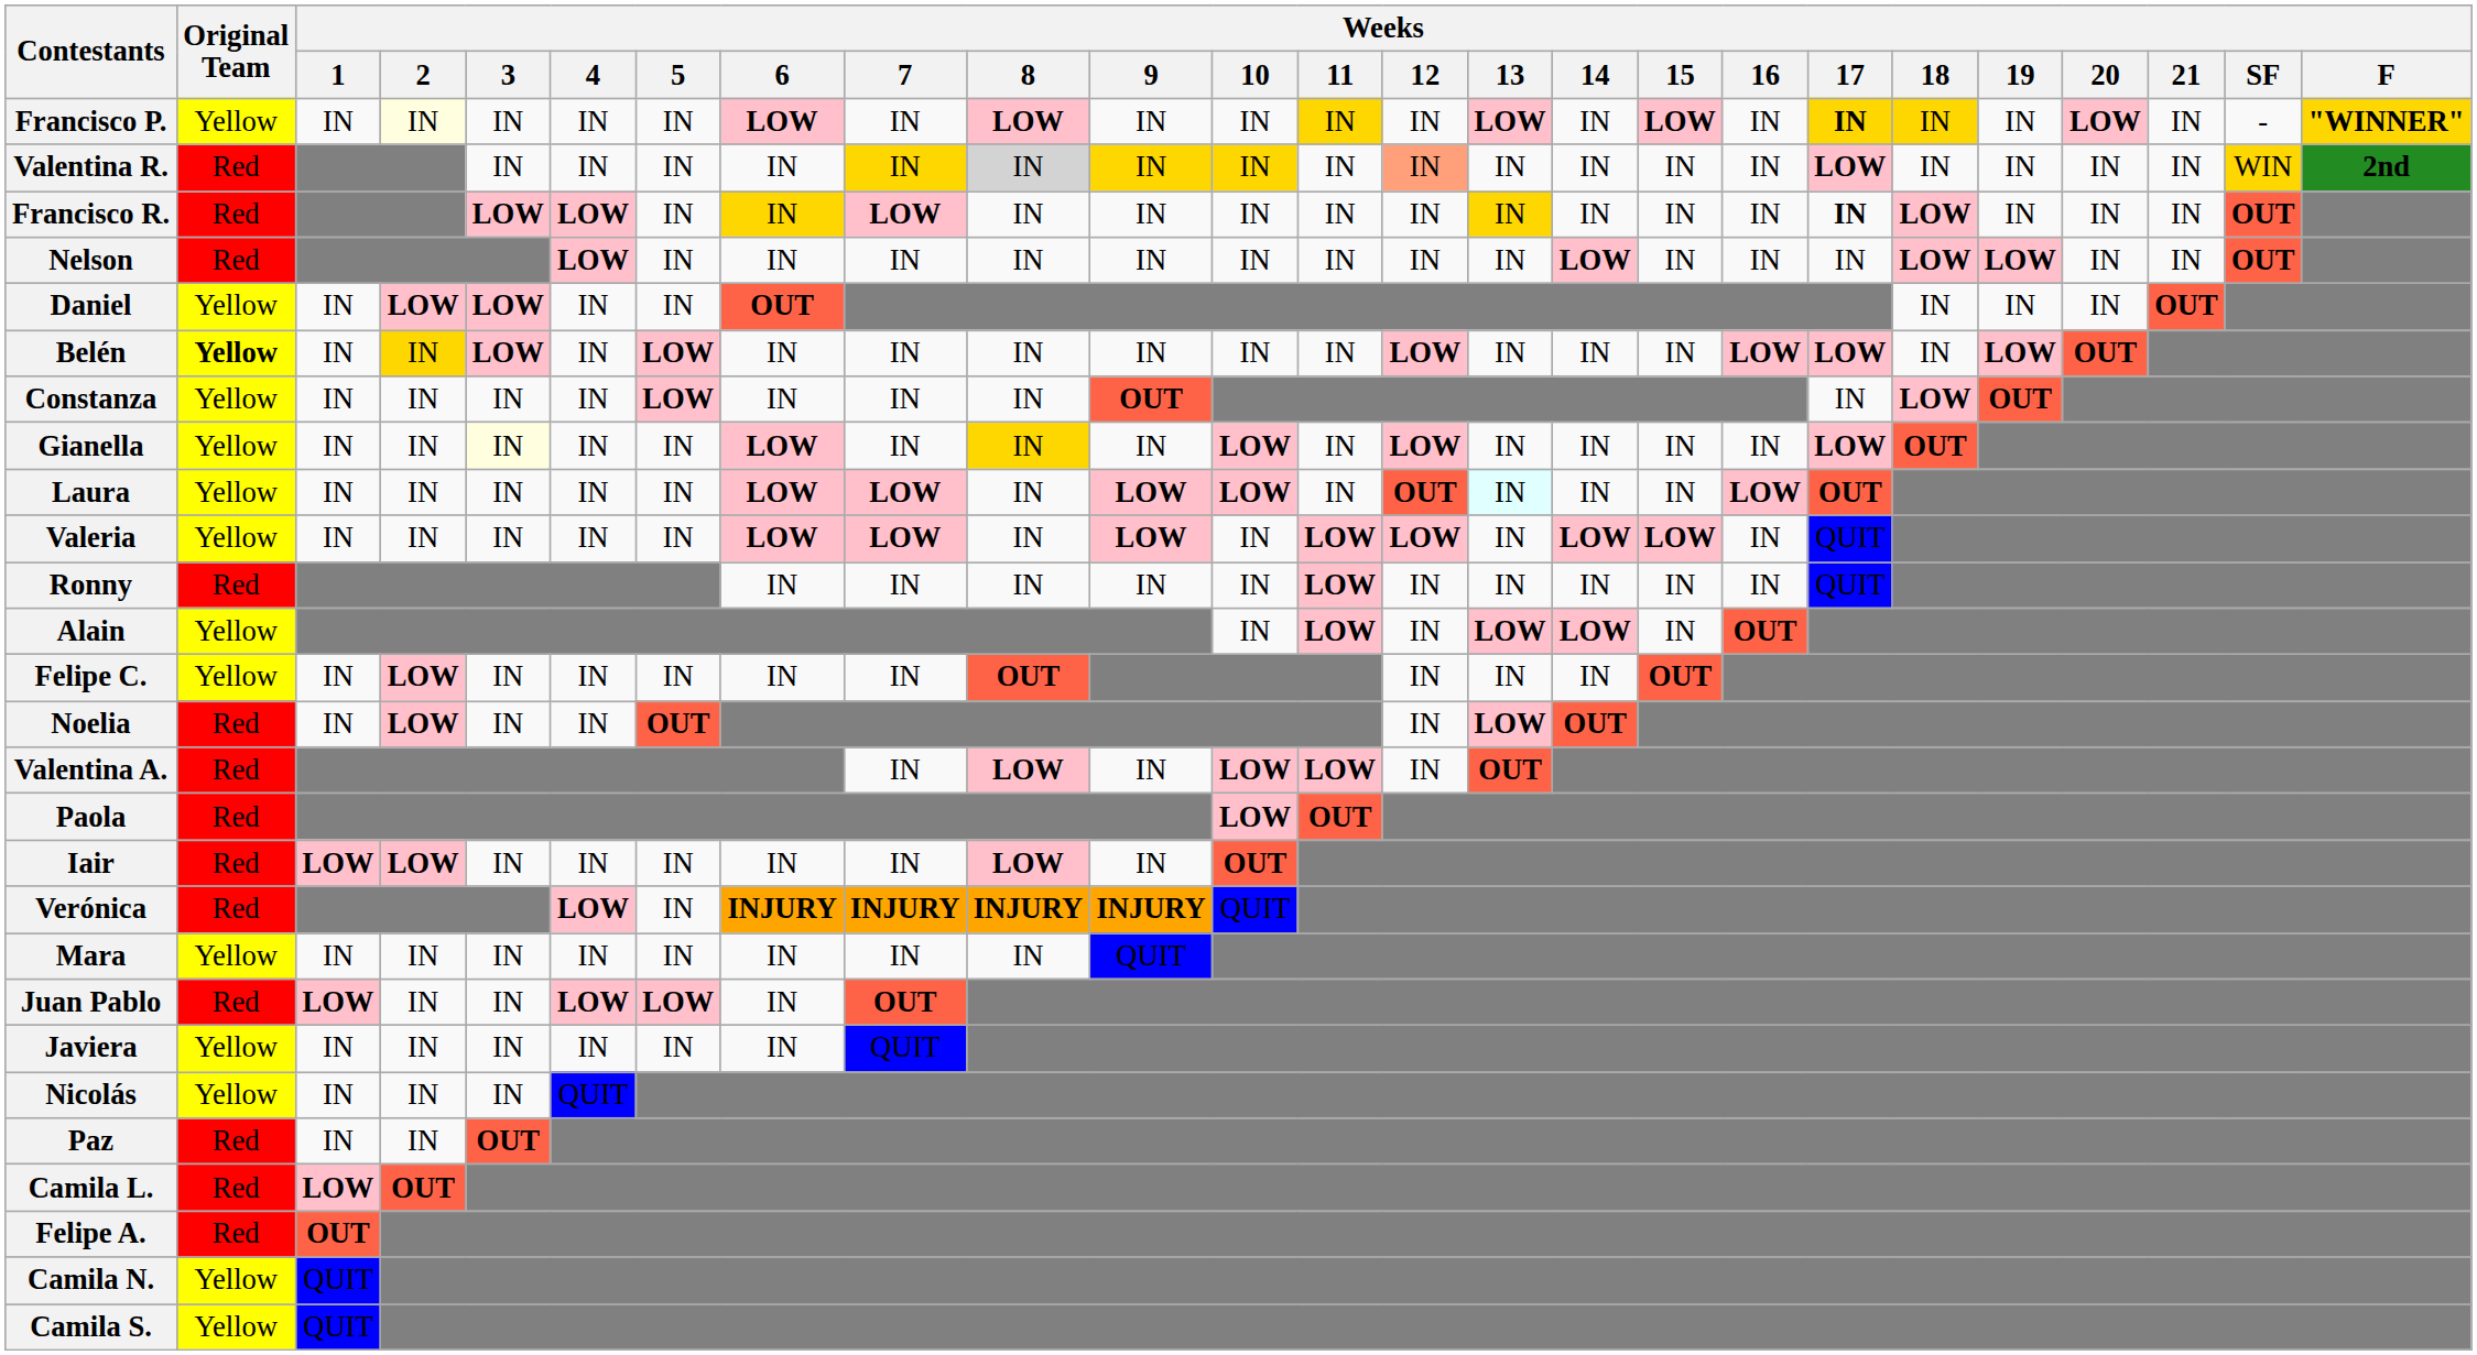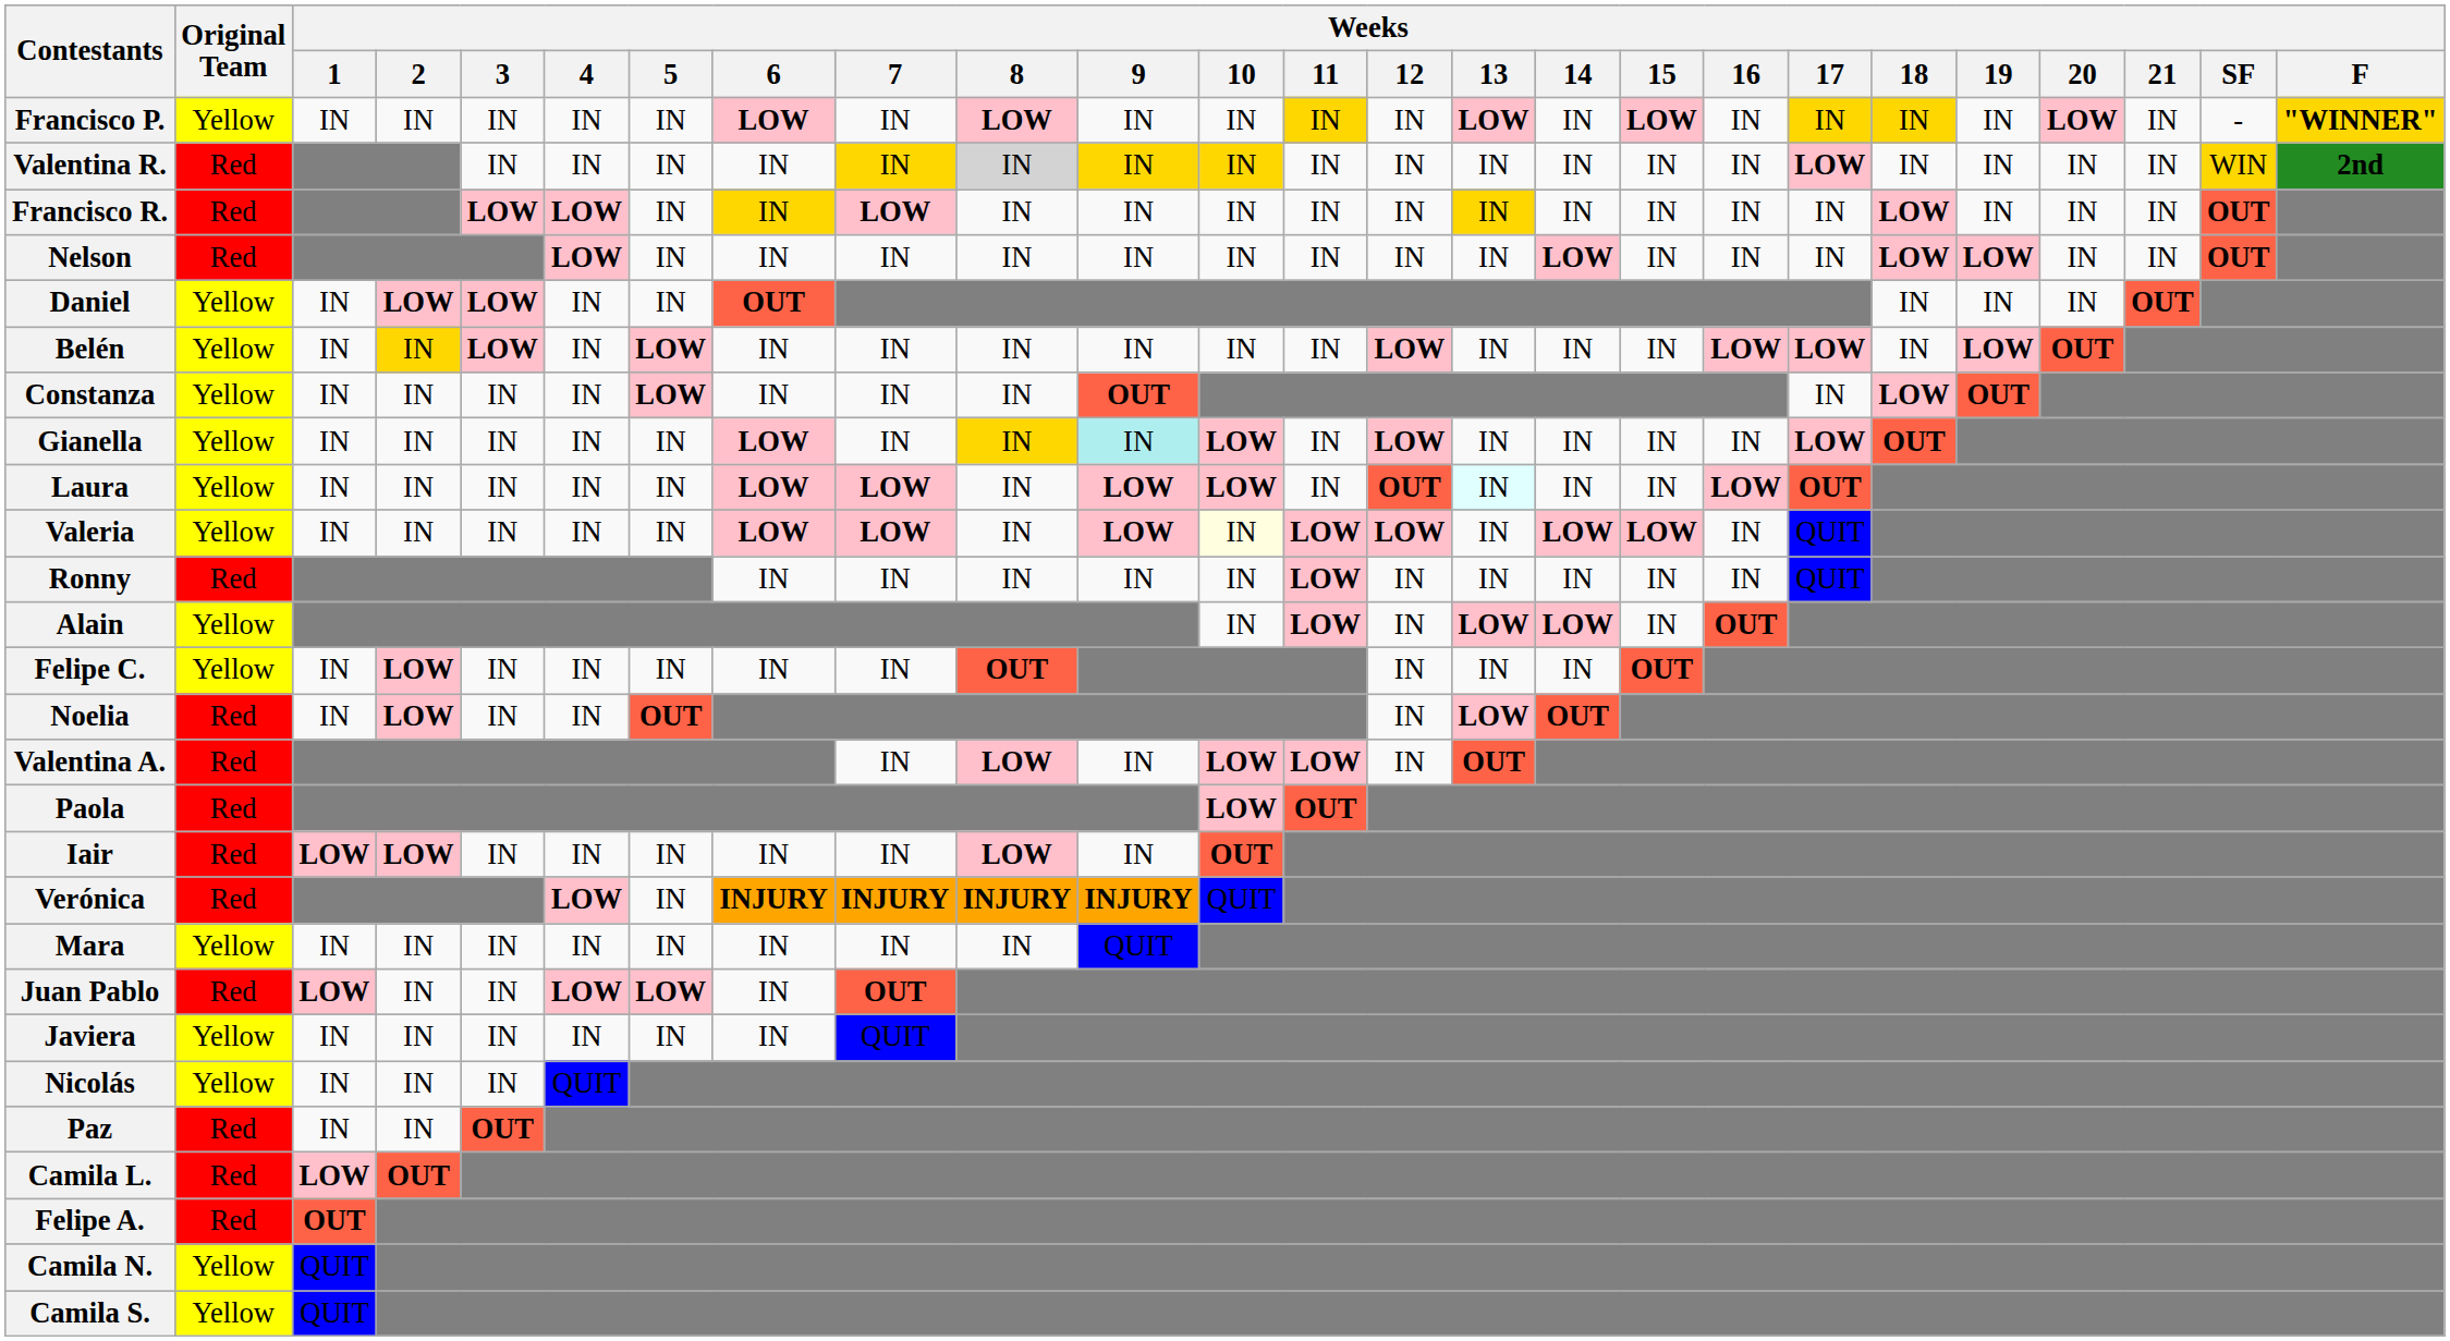 <table class="wikitable" style="text-align:center">
 <tr>
 <th rowspan=2>Contestants</th>
 <th rowspan=2>Original<br>Team</th>
 <th colspan="26">Weeks</th>
 </tr>
 <tr>
 <th width="10px">1</th>
 <th width="20px">2</th>
 <th width="20px">3</th>
 <th width="20px">4</th>
 <th width="20px">5</th>
 <th width="20px">6</th>
 <th width="20px">7</th>
 <th width="20px">8</th>
 <th width="20px">9</th>
 <th width="20px">10</th>
 <th width="20px">11</th>
 <th width="20px">12</th>
 <th width="20px">13</th>
 <th width="20px">14</th>
 <th width="20px">15</th>
 <th width="20px">16</th>
 <th width="20px">17</th>
 <th width="20px">18</th>
 <th width="20px">19</th>
 <th width="20px">20</th>
 <th width="20px">21</th>
 <th width="20px">SF</th>
 <th width="20px">F</th>
 </tr>
 <tr>
 <th>Francisco P.</th>
 <td bgcolor="yellow">Yellow</td>
 <td>IN</td>
-<td style="background: lightyellow;">IN</td>
+<td>IN</td>
 <td>IN</td>
 <td>IN</td>
 <td>IN</td>
 <td bgcolor="pink"><strong>LOW</strong></td>
 <td>IN</td>
 <td bgcolor="pink"><strong>LOW</strong></td>
 <td>IN</td>
 <td>IN</td>
 <td bgcolor="Gold">IN</td>
 <td>IN</td>
 <td bgcolor="pink"><strong>LOW</strong></td>
 <td>IN</td>
 <td bgcolor="pink"><strong>LOW</strong></td>
 <td>IN</td>
-<td bgcolor="Gold"><strong>IN</strong></td>
+<td bgcolor="Gold">IN</td>
 <td bgcolor="Gold">IN</td>
 <td>IN</td>
 <td bgcolor="pink"><strong>LOW</strong></td>
 <td>IN</td>
 <td>-</td>
 <td bgcolor="Gold"><strong>"WINNER"</strong></td>
 </tr>
 <tr>
 <th>Valentina R.</th>
 <td bgcolor="red">Red</td>
 <td colspan="2" bgcolor=gray></td>
 <td>IN</td>
 <td>IN</td>
 <td>IN</td>
 <td>IN</td>
 <td bgcolor="Gold">IN</td>
 <td style="background: lightgrey;">IN</td>
 <td bgcolor="Gold">IN</td>
 <td bgcolor="Gold">IN</td>
 <td>IN</td>
-<td style="background: lightsalmon;">IN</td>
+<td>IN</td>
 <td>IN</td>
 <td>IN</td>
 <td>IN</td>
 <td>IN</td>
 <td bgcolor="pink"><strong>LOW</strong></td>
 <td>IN</td>
 <td>IN</td>
 <td>IN</td>
 <td>IN</td>
 <td bgcolor="Gold">WIN</td>
 <td bgcolor="ForestGreen"><span><strong>2nd</strong></span></td>
 </tr>
 <tr>
 <th>Francisco R.</th>
 <td bgcolor="red">Red</td>
 <td colspan="2" bgcolor=gray></td>
 <td bgcolor="pink"><strong>LOW</strong></td>
 <td bgcolor="pink"><strong>LOW</strong></td>
 <td>IN</td>
 <td bgcolor="Gold">IN</td>
 <td bgcolor="pink"><strong>LOW</strong></td>
 <td>IN</td>
 <td>IN</td>
 <td>IN</td>
 <td>IN</td>
 <td>IN</td>
 <td bgcolor="Gold">IN</td>
 <td>IN</td>
 <td>IN</td>
 <td>IN</td>
-<td><strong>IN</strong></td>
+<td>IN</td>
 <td bgcolor="pink"><strong>LOW</strong></td>
 <td>IN</td>
 <td>IN</td>
 <td>IN</td>
 <td bgcolor="tomato"><strong>OUT</strong></td>
 <td colspan="1" bgcolor=gray></td>
 </tr>
 <tr>
 <th>Nelson</th>
 <td bgcolor="red">Red</td>
 <td colspan="3" bgcolor=gray></td>
 <td bgcolor="pink"><strong>LOW</strong></td>
 <td>IN</td>
 <td>IN</td>
 <td>IN</td>
 <td>IN</td>
 <td>IN</td>
 <td>IN</td>
 <td>IN</td>
 <td>IN</td>
 <td>IN</td>
 <td bgcolor="pink"><strong>LOW</strong></td>
 <td>IN</td>
 <td>IN</td>
 <td>IN</td>
 <td bgcolor="pink"><strong>LOW</strong></td>
 <td bgcolor="pink"><strong>LOW</strong></td>
 <td>IN</td>
 <td>IN</td>
 <td bgcolor="tomato"><strong>OUT</strong></td>
 <td colspan="1" bgcolor=gray></td>
 </tr>
 <tr>
 <th>Daniel</th>
 <td bgcolor="yellow">Yellow</td>
 <td>IN</td>
 <td bgcolor="pink"><strong>LOW</strong></td>
 <td bgcolor="pink"><strong>LOW</strong></td>
 <td>IN</td>
 <td>IN</td>
 <td bgcolor="tomato"><strong>OUT</strong></td>
 <td colspan="11" bgcolor=gray></td>
 <td>IN</td>
 <td>IN</td>
 <td>IN</td>
 <td bgcolor="tomato"><strong>OUT</strong></td>
 <td colspan="2" bgcolor=gray></td>
 </tr>
 <tr>
 <th>Belén</th>
-<td bgcolor="yellow"><strong>Yellow</strong></td>
+<td bgcolor="yellow">Yellow</td>
 <td>IN</td>
 <td bgcolor="Gold">IN</td>
 <td bgcolor="pink"><strong>LOW</strong></td>
 <td>IN</td>
 <td bgcolor="pink"><strong>LOW</strong></td>
 <td>IN</td>
 <td>IN</td>
 <td>IN</td>
 <td>IN</td>
 <td>IN</td>
 <td>IN</td>
 <td bgcolor="pink"><strong>LOW</strong></td>
 <td>IN</td>
 <td>IN</td>
 <td>IN</td>
 <td bgcolor="pink"><strong>LOW</strong></td>
 <td bgcolor="pink"><strong>LOW</strong></td>
 <td>IN</td>
 <td bgcolor="pink"><strong>LOW</strong></td>
 <td bgcolor="tomato"><strong>OUT</strong></td>
 <td colspan="3" bgcolor=gray></td>
 </tr>
 <tr>
 <th>Constanza</th>
 <td bgcolor="yellow">Yellow</td>
 <td>IN</td>
 <td>IN</td>
 <td>IN</td>
 <td>IN</td>
 <td bgcolor="pink"><strong>LOW</strong></td>
 <td>IN</td>
 <td>IN</td>
 <td>IN</td>
 <td bgcolor="tomato"><strong>OUT</strong></td>
 <td colspan="7" bgcolor=gray></td>
 <td>IN</td>
 <td bgcolor="pink"><strong>LOW</strong></td>
 <td bgcolor="tomato"><strong>OUT</strong></td>
 <td colspan="4" bgcolor=gray></td>
 </tr>
 <tr>
 <th>Gianella</th>
 <td bgcolor="yellow">Yellow</td>
 <td>IN</td>
 <td>IN</td>
-<td style="background: lightyellow;">IN</td>
+<td>IN</td>
 <td>IN</td>
 <td>IN</td>
 <td bgcolor="pink"><strong>LOW</strong></td>
 <td>IN</td>
 <td bgcolor="Gold">IN</td>
-<td>IN</td>
+<td style="background: paleturquoise;">IN</td>
 <td bgcolor="pink"><strong>LOW</strong></td>
 <td>IN</td>
 <td bgcolor="pink"><strong>LOW</strong></td>
 <td>IN</td>
 <td>IN</td>
 <td>IN</td>
 <td>IN</td>
 <td bgcolor="pink"><strong>LOW</strong></td>
 <td bgcolor="tomato"><strong>OUT</strong></td>
 <td colspan="5" bgcolor=gray></td>
 </tr>
 <tr>
 <th>Laura</th>
 <td bgcolor="yellow">Yellow</td>
 <td>IN</td>
 <td>IN</td>
 <td>IN</td>
 <td>IN</td>
 <td>IN</td>
 <td bgcolor="pink"><strong>LOW</strong></td>
 <td bgcolor="pink"><strong>LOW</strong></td>
 <td>IN</td>
 <td bgcolor="pink"><strong>LOW</strong></td>
 <td bgcolor="pink"><strong>LOW</strong></td>
 <td>IN</td>
 <td bgcolor="tomato"><strong>OUT</strong></td>
 <td bgcolor="LightCyan">IN</td>
 <td>IN</td>
 <td>IN</td>
 <td bgcolor="pink"><strong>LOW</strong></td>
 <td bgcolor="tomato"><strong>OUT</strong></td>
 <td colspan="6" bgcolor=gray></td>
 </tr>
 <tr>
 <th>Valeria</th>
 <td bgcolor="yellow">Yellow</td>
 <td>IN</td>
 <td>IN</td>
 <td>IN</td>
 <td>IN</td>
 <td>IN</td>
 <td bgcolor="pink"><strong>LOW</strong></td>
 <td bgcolor="pink"><strong>LOW</strong></td>
 <td>IN</td>
 <td bgcolor="pink"><strong>LOW</strong></td>
-<td>IN</td>
+<td style="background: lightyellow;">IN</td>
 <td bgcolor="pink"><strong>LOW</strong></td>
 <td bgcolor="pink"><strong>LOW</strong></td>
 <td>IN</td>
 <td bgcolor="pink"><strong>LOW</strong></td>
 <td bgcolor="pink"><strong>LOW</strong></td>
 <td>IN</td>
 <td bgcolor="BLUE"><span>QUIT</span></td>
 <td colspan="6" bgcolor=gray></td>
 </tr>
 <tr>
 <th>Ronny</th>
 <td bgcolor="red">Red</td>
 <td colspan="5" bgcolor=gray></td>
 <td>IN</td>
 <td>IN</td>
 <td>IN</td>
 <td>IN</td>
 <td>IN</td>
 <td bgcolor="pink"><strong>LOW</strong></td>
 <td>IN</td>
 <td>IN</td>
 <td>IN</td>
 <td>IN</td>
 <td>IN</td>
 <td bgcolor="BLUE"><span>QUIT</span></td>
 <td colspan="6" bgcolor=gray></td>
 </tr>
 <tr>
 <th>Alain</th>
 <td bgcolor="yellow">Yellow</td>
 <td colspan="9" bgcolor=gray></td>
 <td>IN</td>
 <td bgcolor="pink"><strong>LOW</strong></td>
 <td>IN</td>
 <td bgcolor="pink"><strong>LOW</strong></td>
 <td bgcolor="pink"><strong>LOW</strong></td>
 <td>IN</td>
 <td bgcolor="tomato"><strong>OUT</strong></td>
 <td colspan="7" bgcolor=gray></td>
 </tr>
 <tr>
 <th>Felipe C.</th>
 <td bgcolor="yellow">Yellow</td>
 <td>IN</td>
 <td bgcolor="pink"><strong>LOW</strong></td>
 <td>IN</td>
 <td>IN</td>
 <td>IN</td>
 <td>IN</td>
 <td>IN</td>
 <td bgcolor="tomato"><strong>OUT</strong></td>
 <td colspan="3" bgcolor=gray></td>
 <td>IN</td>
 <td>IN</td>
 <td>IN</td>
 <td bgcolor="tomato"><strong>OUT</strong></td>
 <td colspan="8" bgcolor=gray></td>
 </tr>
 <tr>
 <th>Noelia</th>
 <td bgcolor="red">Red</td>
 <td>IN</td>
 <td bgcolor="pink"><strong>LOW</strong></td>
 <td>IN</td>
 <td>IN</td>
 <td bgcolor="tomato"><strong>OUT</strong></td>
 <td colspan="6" bgcolor=gray></td>
 <td>IN</td>
 <td bgcolor="pink"><strong>LOW</strong></td>
 <td bgcolor="tomato"><strong>OUT</strong></td>
 <td colspan="9" bgcolor=gray></td>
 </tr>
 <tr>
 <th>Valentina A.</th>
 <td bgcolor="red">Red</td>
 <td colspan="6" bgcolor=gray></td>
 <td>IN</td>
 <td bgcolor="pink"><strong>LOW</strong></td>
 <td>IN</td>
 <td bgcolor="pink"><strong>LOW</strong></td>
 <td bgcolor="pink"><strong>LOW</strong></td>
 <td>IN</td>
 <td bgcolor="tomato"><strong>OUT</strong></td>
 <td colspan="10" bgcolor=gray></td>
 </tr>
 <tr>
 <th>Paola</th>
 <td bgcolor="red">Red</td>
 <td colspan="9" bgcolor=gray></td>
 <td bgcolor="pink"><strong>LOW</strong></td>
 <td bgcolor="tomato"><strong>OUT</strong></td>
 <td colspan="12" bgcolor=gray></td>
 </tr>
 <tr>
 <th>Iair</th>
 <td bgcolor="red">Red</td>
 <td bgcolor="pink"><strong>LOW</strong></td>
 <td bgcolor="pink"><strong>LOW</strong></td>
 <td>IN</td>
 <td>IN</td>
 <td>IN</td>
 <td>IN</td>
 <td>IN</td>
 <td bgcolor="pink"><strong>LOW</strong></td>
 <td>IN</td>
 <td bgcolor="tomato"><strong>OUT</strong></td>
 <td colspan="13" bgcolor=gray></td>
 </tr>
 <tr>
 <th>Verónica</th>
 <td bgcolor="red ">Red</td>
 <td colspan="3" bgcolor=gray></td>
 <td bgcolor="pink"><strong>LOW</strong></td>
 <td>IN</td>
 <td bgcolor="orange"><strong>INJURY</strong></td>
 <td bgcolor="orange"><strong>INJURY</strong></td>
 <td bgcolor="orange"><strong>INJURY</strong></td>
 <td bgcolor="orange"><strong>INJURY</strong></td>
 <td bgcolor="BLUE"><span>QUIT</span></td>
 <td colspan="13" bgcolor=gray></td>
 </tr>
 <tr>
 <th>Mara</th>
 <td bgcolor="yellow">Yellow</td>
 <td>IN</td>
 <td>IN</td>
 <td>IN</td>
 <td>IN</td>
 <td>IN</td>
 <td>IN</td>
 <td>IN</td>
 <td>IN</td>
 <td bgcolor="BLUE"><span>QUIT</span></td>
 <td colspan="14" bgcolor=gray></td>
 </tr>
 <tr>
 <th>Juan Pablo</th>
 <td bgcolor="red">Red</td>
 <td bgcolor="pink"><strong>LOW</strong></td>
 <td>IN</td>
 <td>IN</td>
 <td bgcolor="pink"><strong>LOW</strong></td>
 <td bgcolor="pink"><strong>LOW</strong></td>
 <td>IN</td>
 <td bgcolor="tomato"><strong>OUT</strong></td>
 <td colspan="17" bgcolor=gray></td>
 </tr>
 <tr>
 <th>Javiera</th>
 <td bgcolor="yellow">Yellow</td>
 <td>IN</td>
 <td>IN</td>
 <td>IN</td>
 <td>IN</td>
 <td>IN</td>
 <td>IN</td>
 <td bgcolor="BLUE"><span>QUIT</span></td>
 <td colspan="17" bgcolor=gray></td>
 </tr>
 <tr>
 <th>Nicolás</th>
 <td bgcolor="yellow">Yellow</td>
 <td>IN</td>
 <td>IN</td>
 <td>IN</td>
 <td bgcolor="BLUE"><span>QUIT</span></td>
 <td colspan="19" bgcolor=gray></td>
 </tr>
 <tr>
 <th>Paz</th>
 <td bgcolor="red ">Red</td>
 <td>IN</td>
 <td>IN</td>
 <td bgcolor="tomato"><strong>OUT</strong></td>
 <td colspan="20" bgcolor=gray></td>
 </tr>
 <tr>
 <th>Camila L.</th>
 <td bgcolor="red ">Red</td>
 <td bgcolor="pink"><strong>LOW</strong></td>
 <td bgcolor="tomato"><strong>OUT</strong></td>
 <td colspan="21" bgcolor=gray></td>
 </tr>
 <tr>
 <th>Felipe A.</th>
 <td bgcolor="red ">Red</td>
 <td bgcolor="tomato"><strong>OUT</strong></td>
 <td colspan="22" bgcolor=gray></td>
 </tr>
 <tr>
 <th>Camila N.</th>
 <td bgcolor="yellow">Yellow</td>
 <td bgcolor="BLUE"><span>QUIT</span></td>
 <td colspan="23" bgcolor=gray></td>
 </tr>
 <tr>
 <th>Camila S.</th>
 <td bgcolor="yellow">Yellow</td>
 <td bgcolor="BLUE"><span>QUIT</span></td>
 <td colspan="23" bgcolor=gray></td>
 </tr>
 <tr>
 </tr>
 </table>
